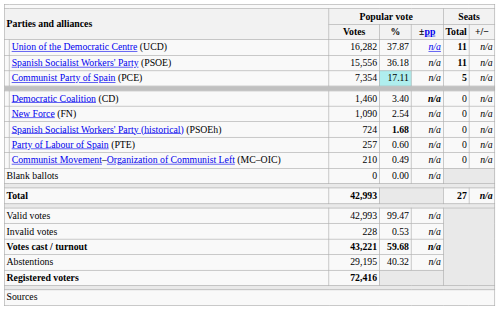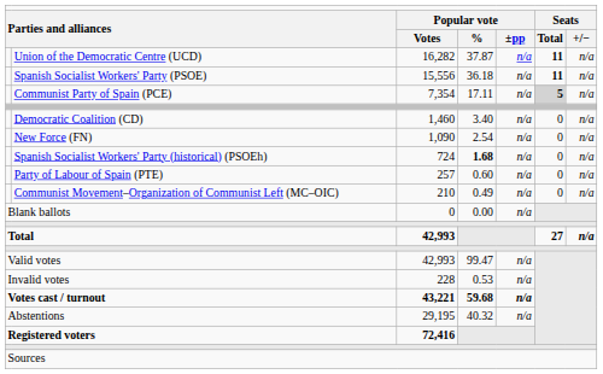 <table class="wikitable" style="text-align:right;">
 <tr>
 <td colspan="7"></td>
 </tr>
 <tr>
 <th style="text-align:left;" rowspan="2" colspan="2" width="525">Parties and alliances</th>
 <th colspan="3">Popular vote</th>
 <th colspan="2">Seats</th>
 </tr>
 <tr>
 <th width="75">Votes</th>
 <th width="45">%</th>
 <th width="45">±<a href='#'>pp</a></th>
 <th width="35">Total</th>
 <th width="35">+/−</th>
 </tr>
 <tr>
 <td width="1" style="color:inherit;background:"></td>
 <td align="left"><a href='#'>Union of the Democratic Centre</a> (UCD)</td>
 <td>16,282</td>
 <td>37.87</td>
 <td><em><a href='#'>n/a</a></em></td>
 <td><strong>11</strong></td>
 <td><em>n/a</em></td>
 </tr>
 <tr>
 <td style="color:inherit;background:"></td>
 <td align="left"><a href='#'>Spanish Socialist Workers' Party</a> (PSOE)</td>
 <td>15,556</td>
 <td>36.18</td>
 <td><em>n/a</em></td>
 <td><strong>11</strong></td>
 <td><em>n/a</em></td>
 </tr>
 <tr>
 <td style="color:inherit;background:"></td>
 <td align="left"><a href='#'>Communist Party of Spain</a> (PCE)</td>
 <td>7,354</td>
-<td style="background: paleturquoise;">17.11</td>
+<td>17.11</td>
 <td><em>n/a</em></td>
-<td><strong>5</strong></td>
+<td style="background: lightgrey;"><strong>5</strong></td>
 <td><em>n/a</em></td>
 </tr>
 <tr>
 <td colspan="7" bgcolor="#C0C0C0"></td>
 </tr>
 <tr>
 <td style="color:inherit;background:"></td>
 <td align="left"><a href='#'>Democratic Coalition</a> (CD)</td>
 <td>1,460</td>
 <td>3.40</td>
-<td><strong><em>n/a</em></strong></td>
+<td><em>n/a</em></td>
 <td>0</td>
 <td><em>n/a</em></td>
 </tr>
 <tr>
 <td style="color:inherit;background:"></td>
 <td align="left"><a href='#'>New Force</a> (FN)</td>
 <td>1,090</td>
 <td>2.54</td>
 <td><em>n/a</em></td>
 <td>0</td>
 <td><em>n/a</em></td>
 </tr>
 <tr>
 <td style="color:inherit;background:"></td>
 <td align="left"><a href='#'>Spanish Socialist Workers' Party (historical)</a> (PSOEh)</td>
 <td>724</td>
 <td><strong>1.68</strong></td>
 <td><em>n/a</em></td>
 <td>0</td>
 <td><em>n/a</em></td>
 </tr>
 <tr>
 <td style="color:inherit;background:"></td>
 <td align="left"><a href='#'>Party of Labour of Spain</a> (PTE)</td>
 <td>257</td>
 <td>0.60</td>
 <td><em>n/a</em></td>
 <td>0</td>
 <td><em>n/a</em></td>
 </tr>
 <tr>
 <td style="color:inherit;background:"></td>
 <td align="left"><a href='#'>Communist Movement</a>–<a href='#'>Organization of Communist Left</a> (MC–OIC)</td>
 <td>210</td>
 <td>0.49</td>
 <td><em>n/a</em></td>
 <td>0</td>
 <td><em>n/a</em></td>
 </tr>
 <tr>
 <td align="left" colspan="2">Blank ballots</td>
 <td>0</td>
 <td>0.00</td>
 <td><em>n/a</em></td>
 <td bgcolor="#E9E9E9" colspan="2"></td>
 </tr>
 <tr>
 <td colspan="7" bgcolor="#E9E9E9"></td>
 </tr>
 <tr style="font-weight:bold;">
 <td align="left" colspan="2">Total</td>
 <td>42,993</td>
 <td bgcolor="#E9E9E9" colspan="2"></td>
 <td>27</td>
 <td><em>n/a</em></td>
 </tr>
 <tr>
 <td colspan="7" bgcolor="#E9E9E9"></td>
 </tr>
 <tr>
 <td align="left" colspan="2">Valid votes</td>
 <td>42,993</td>
 <td>99.47</td>
 <td><em>n/a</em></td>
 <td bgcolor="#E9E9E9" colspan="2" rowspan="5"></td>
 </tr>
 <tr>
 <td align="left" colspan="2">Invalid votes</td>
 <td>228</td>
 <td>0.53</td>
 <td><em>n/a</em></td>
 </tr>
 <tr style="font-weight:bold;">
 <td align="left" colspan="2">Votes cast / turnout</td>
 <td>43,221</td>
 <td>59.68</td>
 <td><em>n/a</em></td>
 </tr>
 <tr>
 <td align="left" colspan="2">Abstentions</td>
 <td>29,195</td>
 <td>40.32</td>
 <td><em>n/a</em></td>
 </tr>
 <tr style="font-weight:bold;">
 <td align="left" colspan="2">Registered voters</td>
 <td>72,416</td>
 <td bgcolor="#E9E9E9" colspan="2"></td>
 </tr>
 <tr>
 <td colspan="7" bgcolor="#E9E9E9"></td>
 </tr>
 <tr>
 <td align="left" colspan="7">Sources</td>
 </tr>
 </table>
